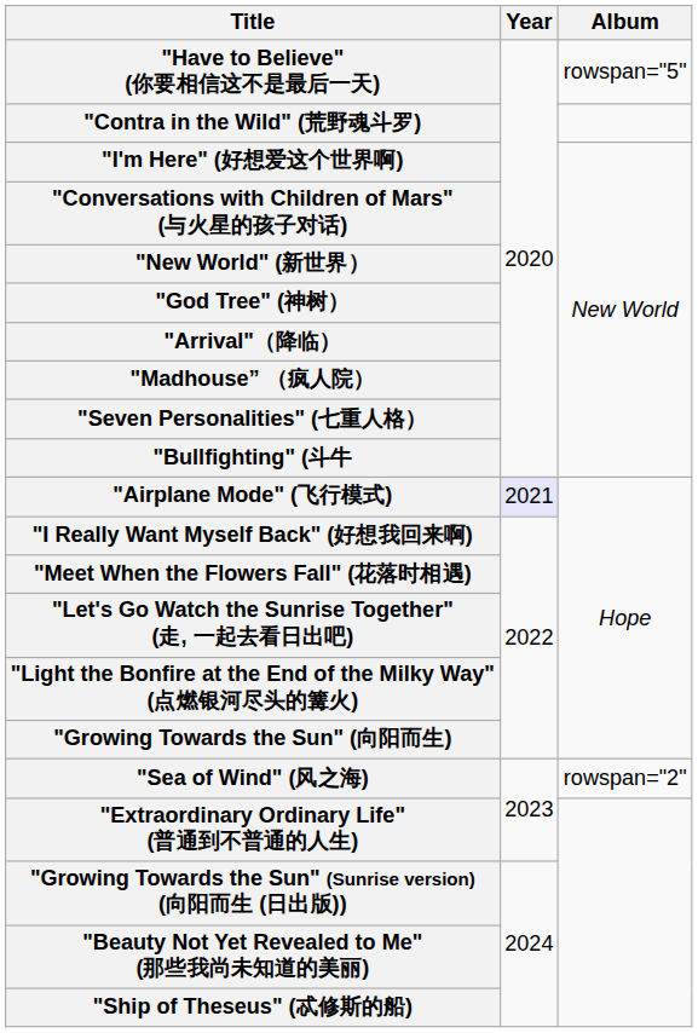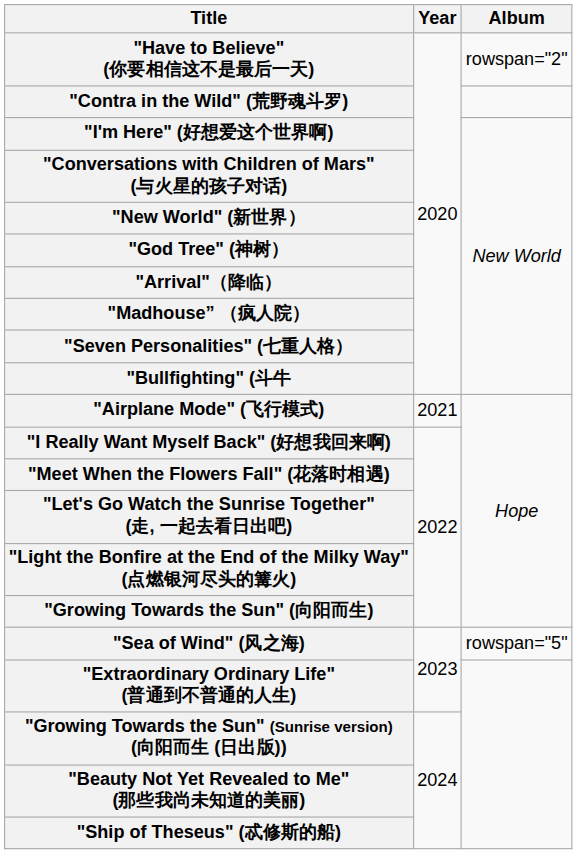 <table class="wikitable plainrowheaders" style="text-align:center;">
 <tr>
 <th rowspan="1">Title</th>
 <th rowspan="1">Year</th>
 <th rowspan="1">Album</th>
 </tr>
 <tr>
 <th scope="row">"Have to Believe"<br>(你要相信这不是最后一天)</th>
 <td rowspan="10">2020</td>
-<td>rowspan="5" </td>
+<td>rowspan="2" </td>
 </tr>
 <tr>
 <th scope="row">"Contra in the Wild" (荒野魂斗罗)</th>
 </tr>
 <tr>
 <th scope="row">"I'm Here" (好想爱这个世界啊)</th>
 <td rowspan="8"><em>New World</em></td>
 </tr>
 <tr>
 <th scope="row">"Conversations with Children of Mars"<br>(与火星的孩子对话)</th>
 </tr>
 <tr>
 <th scope="row">"New World" (新世界）</th>
 </tr>
 <tr>
 <th scope="row">"God Tree" (神树）</th>
 </tr>
 <tr>
 <th scope="row">"Arrival"（降临）</th>
 </tr>
 <tr>
 <th scope="row">"Madhouse” （疯人院）</th>
 </tr>
 <tr>
 <th scope="row">"Seven Personalities" (七重人格）</th>
 </tr>
 <tr>
 <th scope="row">"Bullfighting" (斗牛</th>
 </tr>
 <tr>
 <th scope="row">"Airplane Mode" (飞行模式)</th>
-<td style="background: lavender;">2021</td>
+<td>2021</td>
 <td rowspan="6"><em>Hope</em></td>
 </tr>
 <tr>
 <th scope="row">"I Really Want Myself Back" (好想我回来啊)</th>
 <td rowspan="5">2022</td>
 </tr>
 <tr>
 <th scope="row">"Meet When the Flowers Fall" (花落时相遇)</th>
 </tr>
 <tr>
 <th scope="row">"Let's Go Watch the Sunrise Together"<br>(走, 一起去看日出吧)</th>
 </tr>
 <tr>
 <th scope="row">"Light the Bonfire at the End of the Milky Way"<br>(点燃银河尽头的篝火)</th>
 </tr>
 <tr>
 <th scope="row">"Growing Towards the Sun" (向阳而生)</th>
 </tr>
 <tr>
 <th scope="row">"Sea of Wind" (风之海)</th>
 <td rowspan="2">2023</td>
-<td>rowspan="2" </td>
+<td>rowspan="5" </td>
 </tr>
 <tr>
 <th scope="row">"Extraordinary Ordinary Life"<br>(普通到不普通的人生)</th>
 </tr>
 <tr>
 <th scope="row">"Growing Towards the Sun" <small>(Sunrise version)</small><br>(向阳而生 (日出版))</th>
 <td rowspan="3">2024</td>
 </tr>
 <tr>
 <th scope="row">"Beauty Not Yet Revealed to Me"<br>(那些我尚未知道的美丽)</th>
 </tr>
 <tr>
 <th scope="row">"Ship of Theseus" (忒修斯的船)</th>
 </tr>
 </table>
